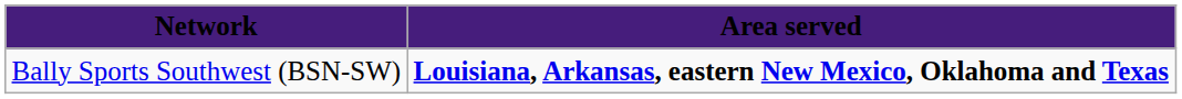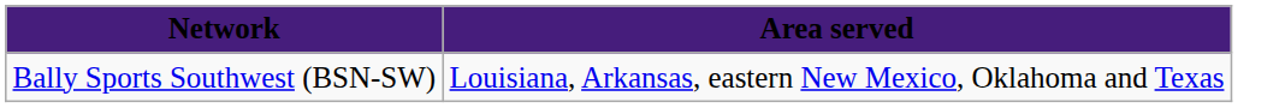 <table class="wikitable">
 <tr>
 <th style="background:#461d7c; text-align:center;"><span>Network</span></th>
 <th style="background:#461d7c; text-align:center;"><span>Area served</span></th>
 </tr>
 <tr>
 <td><a href='#'>Bally Sports Southwest</a> (BSN-SW)</td>
-<td><strong><a href='#'>Louisiana</a>, <a href='#'>Arkansas</a>, eastern <a href='#'>New Mexico</a>, Oklahoma and <a href='#'>Texas</a></strong></td>
+<td><a href='#'>Louisiana</a>, <a href='#'>Arkansas</a>, eastern <a href='#'>New Mexico</a>, Oklahoma and <a href='#'>Texas</a></td>
 </tr>
 </table>
